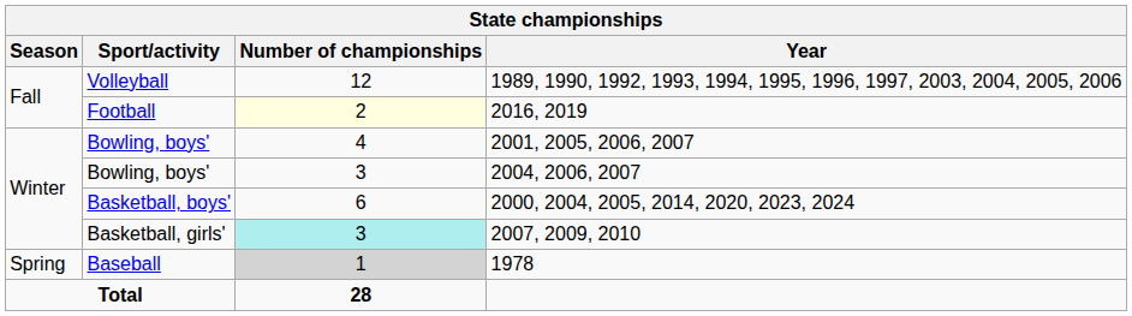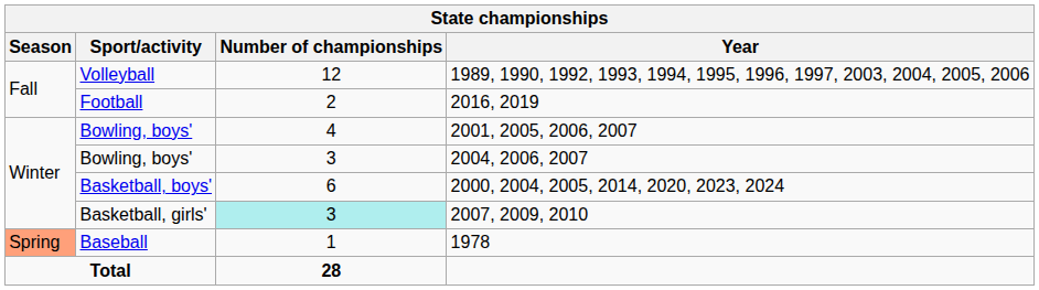 <table class="wikitable">
 <tr>
 <th colspan="4">State championships</th>
 </tr>
 <tr>
 <th>Season</th>
 <th>Sport/activity</th>
 <th>Number of championships</th>
 <th>Year</th>
 </tr>
 <tr>
 <td rowspan="2">Fall</td>
 <td><a href='#'>Volleyball</a></td>
 <td align="center">12</td>
 <td>1989, 1990, 1992, 1993, 1994, 1995, 1996, 1997, 2003, 2004, 2005, 2006</td>
 </tr>
 <tr>
 <td><a href='#'>Football</a></td>
-<td align="center" style="background: lightyellow;">2</td>
+<td align="center">2</td>
 <td>2016, 2019</td>
 </tr>
 <tr>
 <td rowspan="4">Winter</td>
 <td><a href='#'>Bowling, boys'</a></td>
 <td align="center">4</td>
 <td>2001, 2005, 2006, 2007</td>
 </tr>
 <tr>
 <td>Bowling, boys'</td>
 <td align="center">3</td>
 <td>2004, 2006, 2007</td>
 </tr>
 <tr>
 <td><a href='#'>Basketball, boys'</a></td>
 <td align="center">6</td>
 <td>2000, 2004, 2005, 2014, 2020, 2023, 2024 </td>
 </tr>
 <tr>
 <td>Basketball, girls'</td>
 <td align="center" style="background: paleturquoise;">3</td>
 <td>2007, 2009, 2010</td>
 </tr>
 <tr>
-<td rowspan="1">Spring</td>
+<td rowspan="1" style="background: lightsalmon;">Spring</td>
 <td><a href='#'>Baseball</a></td>
-<td align="center" style="background: lightgrey;">1</td>
+<td align="center">1</td>
 <td>1978</td>
 </tr>
 <tr>
 <td align="center" colspan="2"><strong>Total</strong></td>
 <td align="center"><strong>28</strong></td>
 <td></td>
 </tr>
 <tr>
 </tr>
 </table>
